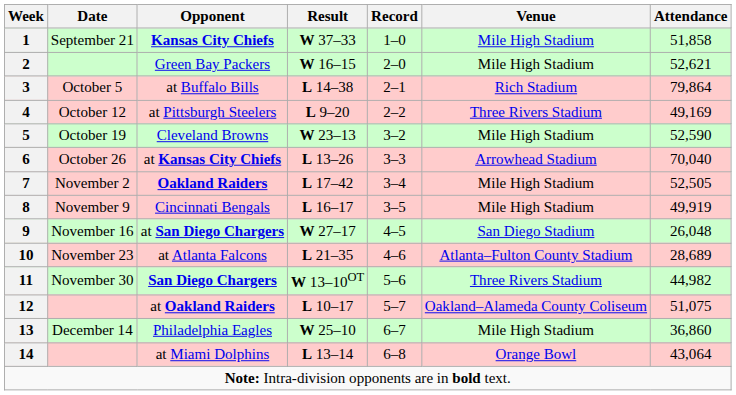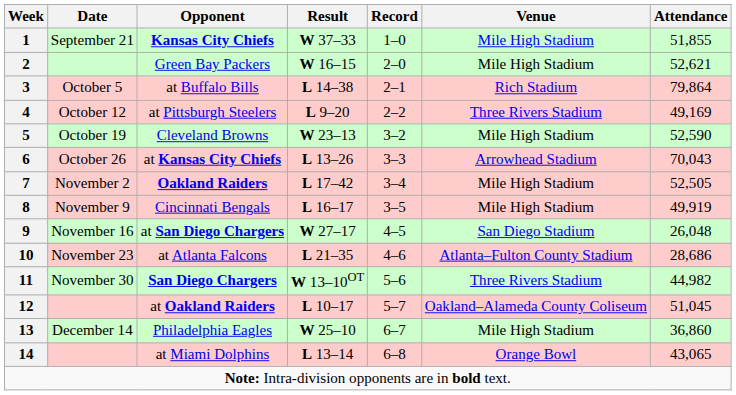 <table class="wikitable" style="text-align:center">
 <tr>
 <th>Week</th>
 <th>Date</th>
 <th>Opponent</th>
 <th>Result</th>
 <th>Record</th>
 <th>Venue</th>
 <th>Attendance</th>
 </tr>
 <tr style="background:#cfc">
 <th>1</th>
 <td>September 21</td>
 <td><strong><a href='#'>Kansas City Chiefs</a></strong></td>
 <td><strong>W</strong> 37–33</td>
 <td>1–0</td>
 <td><a href='#'>Mile High Stadium</a></td>
-<td>51,858</td>
+<td>51,855</td>
 </tr>
 <tr style="background:#cfc">
 <th>2</th>
 <td></td>
 <td><a href='#'>Green Bay Packers</a></td>
 <td><strong>W</strong> 16–15</td>
 <td>2–0</td>
 <td>Mile High Stadium</td>
 <td>52,621</td>
 </tr>
 <tr style="background:#fcc">
 <th>3</th>
 <td>October 5</td>
 <td>at <a href='#'>Buffalo Bills</a></td>
 <td><strong>L</strong> 14–38</td>
 <td>2–1</td>
 <td><a href='#'>Rich Stadium</a></td>
 <td>79,864</td>
 </tr>
 <tr style="background:#fcc">
 <th>4</th>
 <td>October 12</td>
 <td>at <a href='#'>Pittsburgh Steelers</a></td>
 <td><strong>L</strong> 9–20</td>
 <td>2–2</td>
 <td><a href='#'>Three Rivers Stadium</a></td>
 <td>49,169</td>
 </tr>
 <tr style="background:#cfc">
 <th>5</th>
 <td>October 19</td>
 <td><a href='#'>Cleveland Browns</a></td>
 <td><strong>W</strong> 23–13</td>
 <td>3–2</td>
 <td>Mile High Stadium</td>
 <td>52,590</td>
 </tr>
 <tr style="background:#fcc">
 <th>6</th>
 <td>October 26</td>
 <td>at <strong><a href='#'>Kansas City Chiefs</a></strong></td>
 <td><strong>L</strong> 13–26</td>
 <td>3–3</td>
 <td><a href='#'>Arrowhead Stadium</a></td>
-<td>70,040</td>
+<td>70,043</td>
 </tr>
 <tr style="background:#fcc">
 <th>7</th>
 <td>November 2</td>
 <td><strong><a href='#'>Oakland Raiders</a></strong></td>
 <td><strong>L</strong> 17–42</td>
 <td>3–4</td>
 <td>Mile High Stadium</td>
 <td>52,505</td>
 </tr>
 <tr style="background:#fcc">
 <th>8</th>
 <td>November 9</td>
 <td><a href='#'>Cincinnati Bengals</a></td>
 <td><strong>L</strong> 16–17</td>
 <td>3–5</td>
 <td>Mile High Stadium</td>
 <td>49,919</td>
 </tr>
 <tr style="background:#cfc">
 <th>9</th>
 <td>November 16</td>
 <td>at <strong><a href='#'>San Diego Chargers</a></strong></td>
 <td><strong>W</strong> 27–17</td>
 <td>4–5</td>
 <td><a href='#'>San Diego Stadium</a></td>
 <td>26,048</td>
 </tr>
 <tr style="background:#fcc">
 <th>10</th>
 <td>November 23</td>
 <td>at <a href='#'>Atlanta Falcons</a></td>
 <td><strong>L</strong> 21–35</td>
 <td>4–6</td>
 <td><a href='#'>Atlanta–Fulton County Stadium</a></td>
-<td>28,689</td>
+<td>28,686</td>
 </tr>
 <tr style="background:#cfc">
 <th>11</th>
 <td>November 30</td>
 <td><strong><a href='#'>San Diego Chargers</a></strong></td>
 <td><strong>W</strong> 13–10<sup>OT</sup></td>
 <td>5–6</td>
 <td><a href='#'>Three Rivers Stadium</a></td>
 <td>44,982</td>
 </tr>
 <tr style="background:#fcc">
 <th>12</th>
 <td></td>
 <td>at <strong><a href='#'>Oakland Raiders</a></strong></td>
 <td><strong>L</strong> 10–17</td>
 <td>5–7</td>
 <td><a href='#'>Oakland–Alameda County Coliseum</a></td>
-<td>51,075</td>
+<td>51,045</td>
 </tr>
 <tr style="background:#cfc">
 <th>13</th>
 <td>December 14</td>
 <td><a href='#'>Philadelphia Eagles</a></td>
 <td><strong>W</strong> 25–10</td>
 <td>6–7</td>
 <td>Mile High Stadium</td>
 <td>36,860</td>
 </tr>
 <tr style="background:#fcc">
 <th>14</th>
 <td></td>
 <td>at <a href='#'>Miami Dolphins</a></td>
 <td><strong>L</strong> 13–14</td>
 <td>6–8</td>
 <td><a href='#'>Orange Bowl</a></td>
-<td>43,064</td>
+<td>43,065</td>
 </tr>
 <tr>
 <td colspan="8"><strong>Note:</strong> Intra-division opponents are in <strong>bold</strong> text.</td>
 </tr>
 </table>
